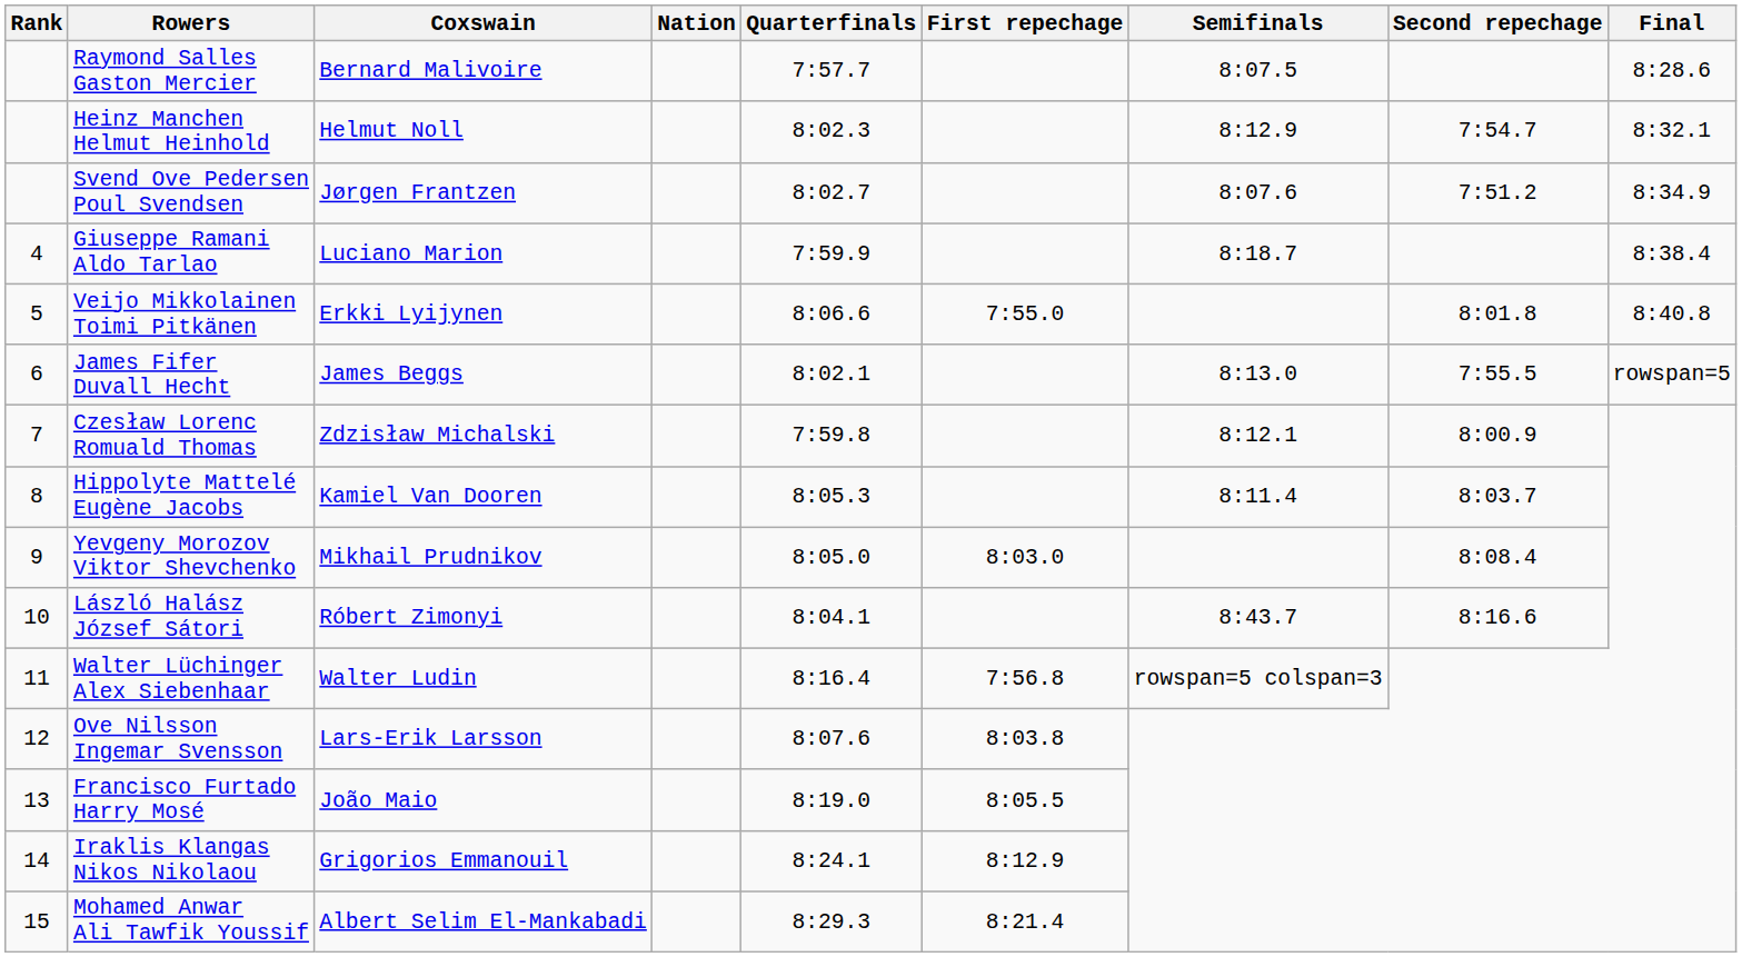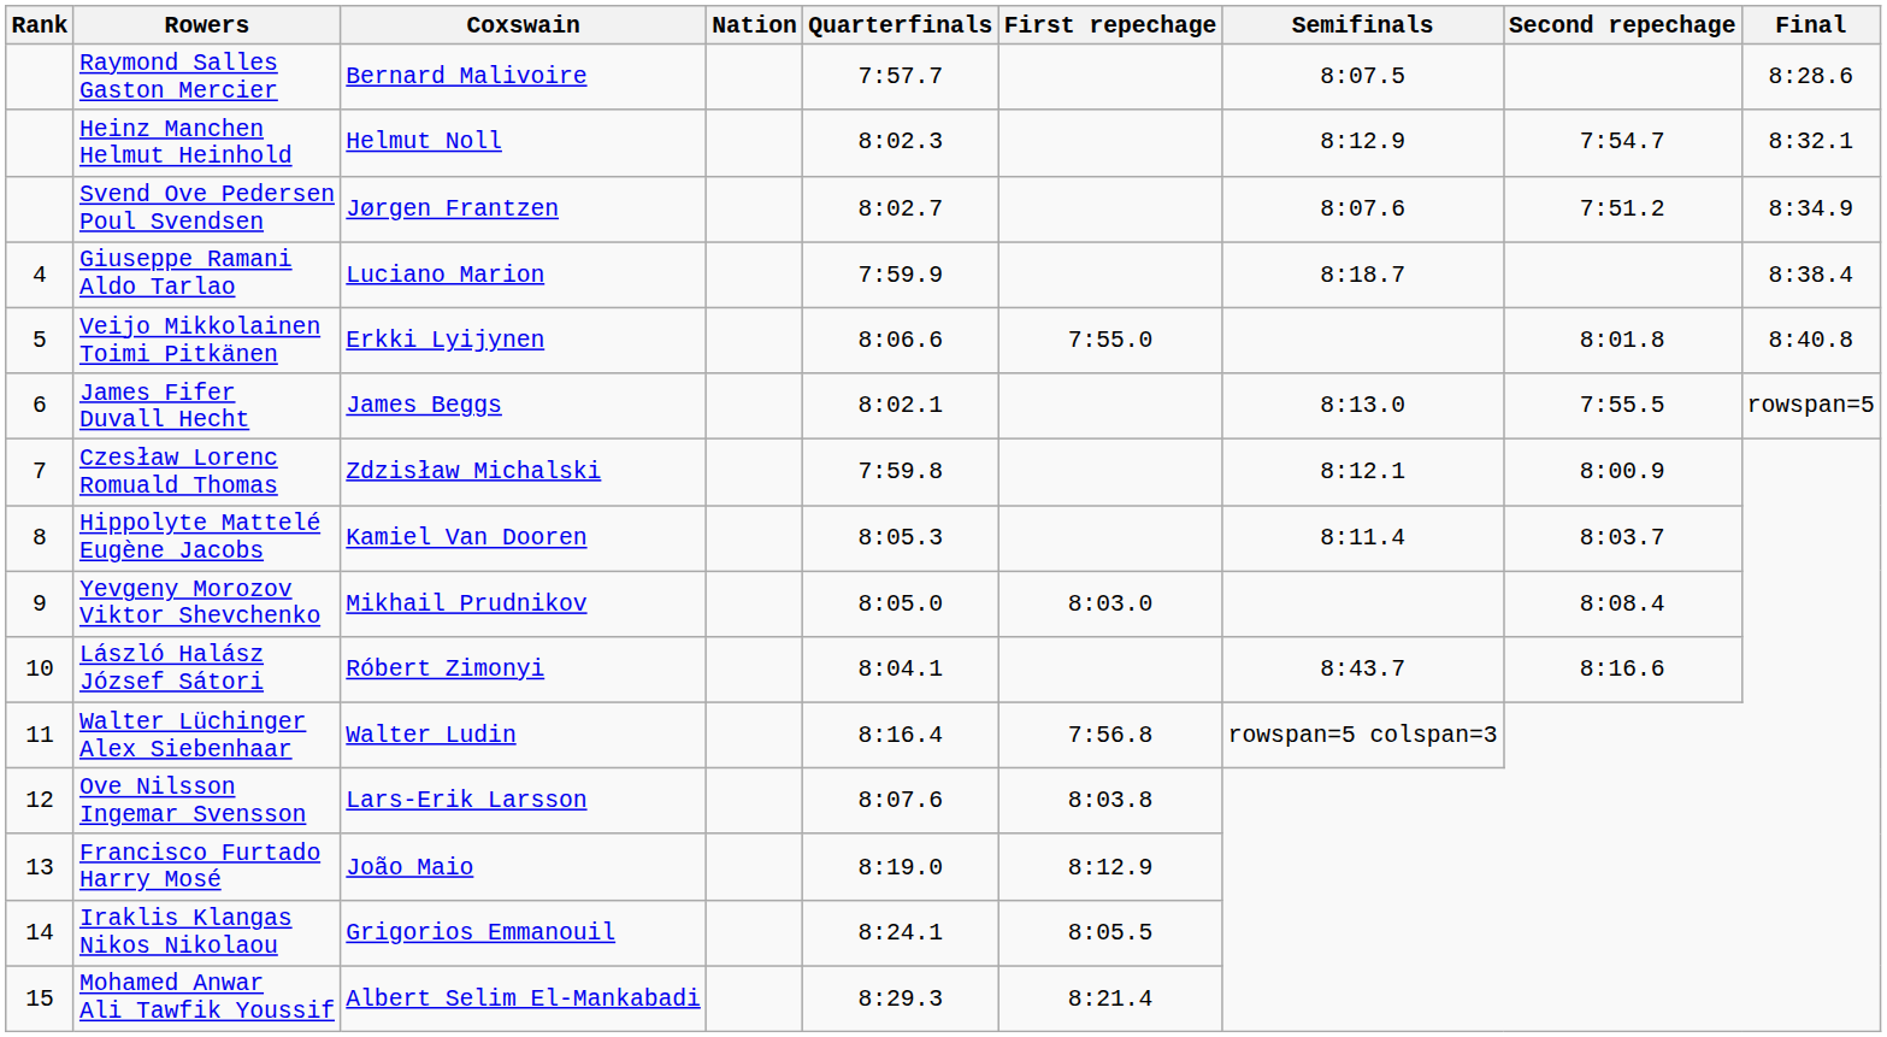 <table class="wikitable sortable" style="text-align:center">
 <tr>
 <th>Rank</th>
 <th>Rowers</th>
 <th>Coxswain</th>
 <th>Nation</th>
 <th>Quarterfinals</th>
 <th>First repechage</th>
 <th>Semifinals</th>
 <th>Second repechage</th>
 <th>Final</th>
 </tr>
 <tr>
 <td></td>
 <td align=left><a href='#'>Raymond Salles</a><br><a href='#'>Gaston Mercier</a></td>
 <td align=left><a href='#'>Bernard Malivoire</a></td>
 <td align=left></td>
 <td>7:57.7</td>
 <td></td>
 <td>8:07.5</td>
 <td></td>
 <td>8:28.6</td>
 </tr>
 <tr>
 <td></td>
 <td align=left><a href='#'>Heinz Manchen</a><br><a href='#'>Helmut Heinhold</a></td>
 <td align=left><a href='#'>Helmut Noll</a></td>
 <td align=left></td>
 <td>8:02.3</td>
 <td></td>
 <td>8:12.9</td>
 <td>7:54.7</td>
 <td>8:32.1</td>
 </tr>
 <tr>
 <td></td>
 <td align=left><a href='#'>Svend Ove Pedersen</a><br><a href='#'>Poul Svendsen</a></td>
 <td align=left><a href='#'>Jørgen Frantzen</a></td>
 <td align=left></td>
 <td>8:02.7</td>
 <td></td>
 <td>8:07.6</td>
 <td>7:51.2</td>
 <td>8:34.9</td>
 </tr>
 <tr>
 <td>4</td>
 <td align=left><a href='#'>Giuseppe Ramani</a><br><a href='#'>Aldo Tarlao</a></td>
 <td align=left><a href='#'>Luciano Marion</a></td>
 <td align=left></td>
 <td>7:59.9</td>
 <td></td>
 <td>8:18.7</td>
 <td></td>
 <td>8:38.4</td>
 </tr>
 <tr>
 <td>5</td>
 <td align=left><a href='#'>Veijo Mikkolainen</a><br><a href='#'>Toimi Pitkänen</a></td>
 <td align=left><a href='#'>Erkki Lyijynen</a></td>
 <td align=left></td>
 <td>8:06.6</td>
 <td>7:55.0</td>
 <td></td>
 <td>8:01.8</td>
 <td>8:40.8</td>
 </tr>
 <tr>
 <td>6</td>
 <td align=left><a href='#'>James Fifer</a><br><a href='#'>Duvall Hecht</a></td>
 <td align=left><a href='#'>James Beggs</a></td>
 <td align=left></td>
 <td>8:02.1</td>
 <td></td>
 <td>8:13.0</td>
 <td>7:55.5</td>
 <td>rowspan=5 </td>
 </tr>
 <tr>
 <td>7</td>
 <td align=left><a href='#'>Czesław Lorenc</a><br><a href='#'>Romuald Thomas</a></td>
 <td align=left><a href='#'>Zdzisław Michalski</a></td>
 <td align=left></td>
 <td>7:59.8</td>
 <td></td>
 <td>8:12.1</td>
 <td>8:00.9</td>
 </tr>
 <tr>
 <td>8</td>
 <td align=left><a href='#'>Hippolyte Mattelé</a><br><a href='#'>Eugène Jacobs</a></td>
 <td align=left><a href='#'>Kamiel Van Dooren</a></td>
 <td align=left></td>
 <td>8:05.3</td>
 <td></td>
 <td>8:11.4</td>
 <td>8:03.7</td>
 </tr>
 <tr>
 <td>9</td>
 <td align=left><a href='#'>Yevgeny Morozov</a><br><a href='#'>Viktor Shevchenko</a></td>
 <td align=left><a href='#'>Mikhail Prudnikov</a></td>
 <td align=left></td>
 <td>8:05.0</td>
 <td>8:03.0</td>
 <td></td>
 <td>8:08.4</td>
 </tr>
 <tr>
 <td>10</td>
 <td align=left><a href='#'>László Halász</a><br><a href='#'>József Sátori</a></td>
 <td align=left><a href='#'>Róbert Zimonyi</a></td>
 <td align=left></td>
 <td>8:04.1</td>
 <td></td>
 <td>8:43.7</td>
 <td>8:16.6</td>
 </tr>
 <tr>
 <td>11</td>
 <td align=left><a href='#'>Walter Lüchinger</a><br><a href='#'>Alex Siebenhaar</a></td>
 <td align=left><a href='#'>Walter Ludin</a></td>
 <td align=left></td>
 <td>8:16.4</td>
 <td>7:56.8</td>
 <td>rowspan=5 colspan=3 </td>
 </tr>
 <tr>
 <td>12</td>
 <td align=left><a href='#'>Ove Nilsson</a><br><a href='#'>Ingemar Svensson</a></td>
 <td align=left><a href='#'>Lars-Erik Larsson</a></td>
 <td align=left></td>
 <td>8:07.6</td>
 <td>8:03.8</td>
 </tr>
 <tr>
 <td>13</td>
 <td align=left><a href='#'>Francisco Furtado</a><br><a href='#'>Harry Mosé</a></td>
 <td align=left><a href='#'>João Maio</a></td>
 <td align=left></td>
 <td>8:19.0</td>
-<td>8:05.5</td>
+<td>8:12.9</td>
 </tr>
 <tr>
 <td>14</td>
 <td align=left><a href='#'>Iraklis Klangas</a><br><a href='#'>Nikos Nikolaou</a></td>
 <td align=left><a href='#'>Grigorios Emmanouil</a></td>
 <td align=left></td>
 <td>8:24.1</td>
-<td>8:12.9</td>
+<td>8:05.5</td>
 </tr>
 <tr>
 <td>15</td>
 <td align=left><a href='#'>Mohamed Anwar</a><br><a href='#'>Ali Tawfik Youssif</a></td>
 <td align=left><a href='#'>Albert Selim El-Mankabadi</a></td>
 <td align=left></td>
 <td>8:29.3</td>
 <td>8:21.4</td>
 </tr>
 </table>
